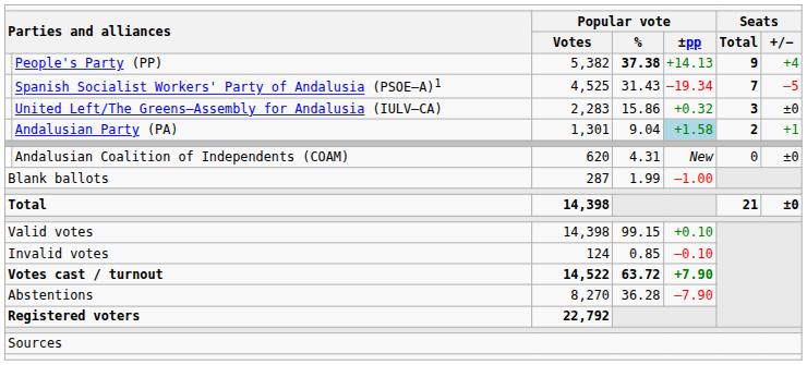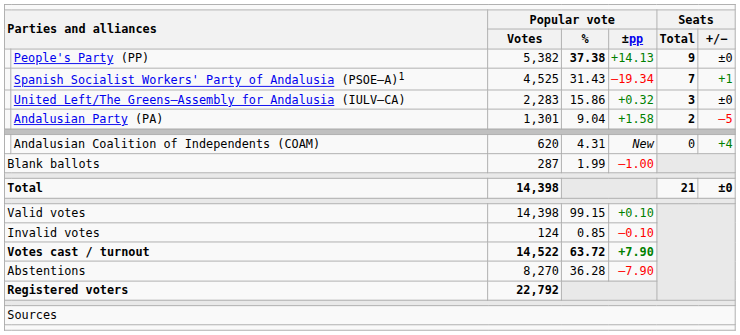 <table class="wikitable" style="text-align:right;">
 <tr>
 <td colspan="7"></td>
 </tr>
 <tr>
 <th style="text-align:left;" rowspan="2" colspan="2" width="525">Parties and alliances</th>
 <th colspan="3">Popular vote</th>
 <th colspan="2">Seats</th>
 </tr>
 <tr>
 <th width="75">Votes</th>
 <th width="45">%</th>
 <th width="45">±<a href='#'>pp</a></th>
 <th width="35">Total</th>
 <th width="35">+/−</th>
 </tr>
 <tr>
 <td width="1" style="color:inherit;background:"></td>
 <td align="left"><a href='#'>People's Party</a> (PP)</td>
 <td>5,382</td>
 <td><strong>37.38</strong></td>
 <td style="color:green;">+14.13</td>
 <td><strong>9</strong></td>
-<td style="color:green;">+4</td>
+<td>±0</td>
 </tr>
 <tr>
 <td style="color:inherit;background:"></td>
 <td align="left"><a href='#'>Spanish Socialist Workers' Party of Andalusia</a> (PSOE–A)<sup>1</sup></td>
 <td>4,525</td>
 <td>31.43</td>
 <td style="color:red;">–19.34</td>
 <td><strong>7</strong></td>
-<td style="color:red;">–5</td>
+<td style="color:green;">+1</td>
 </tr>
 <tr>
 <td style="color:inherit;background:"></td>
 <td align="left"><a href='#'>United Left/The Greens–Assembly for Andalusia</a> (IULV–CA)</td>
 <td>2,283</td>
 <td>15.86</td>
 <td style="color:green;">+0.32</td>
 <td><strong>3</strong></td>
 <td>±0</td>
 </tr>
 <tr>
 <td style="color:inherit;background:"></td>
 <td align="left"><a href='#'>Andalusian Party</a> (PA)</td>
 <td>1,301</td>
 <td>9.04</td>
-<td style="background: lightblue; color:green;">+1.58</td>
+<td style="color:green;">+1.58</td>
 <td><strong>2</strong></td>
-<td style="color:green;">+1</td>
+<td style="color:red;">–5</td>
 </tr>
 <tr>
 <td colspan="7" bgcolor="#C0C0C0"></td>
 </tr>
 <tr>
 <td bgcolor="white"></td>
 <td align="left">Andalusian Coalition of Independents (COAM)</td>
 <td>620</td>
 <td>4.31</td>
 <td><em>New</em></td>
 <td>0</td>
-<td>±0</td>
+<td style="color:green;">+4</td>
 </tr>
 <tr>
 <td align="left" colspan="2">Blank ballots</td>
 <td>287</td>
 <td>1.99</td>
 <td style="color:red;">–1.00</td>
 <td bgcolor="#E9E9E9" colspan="2"></td>
 </tr>
 <tr>
 <td colspan="7" bgcolor="#E9E9E9"></td>
 </tr>
 <tr style="font-weight:bold;">
 <td align="left" colspan="2">Total</td>
 <td>14,398</td>
 <td bgcolor="#E9E9E9" colspan="2"></td>
 <td>21</td>
 <td>±0</td>
 </tr>
 <tr>
 <td colspan="7" bgcolor="#E9E9E9"></td>
 </tr>
 <tr>
 <td align="left" colspan="2">Valid votes</td>
 <td>14,398</td>
 <td>99.15</td>
 <td style="color:green;">+0.10</td>
 <td bgcolor="#E9E9E9" colspan="2" rowspan="5"></td>
 </tr>
 <tr>
 <td align="left" colspan="2">Invalid votes</td>
 <td>124</td>
 <td>0.85</td>
 <td style="color:red;">–0.10</td>
 </tr>
 <tr style="font-weight:bold;">
 <td align="left" colspan="2">Votes cast / turnout</td>
 <td>14,522</td>
 <td>63.72</td>
 <td style="color:green;">+7.90</td>
 </tr>
 <tr>
 <td align="left" colspan="2">Abstentions</td>
 <td>8,270</td>
 <td>36.28</td>
 <td style="color:red;">–7.90</td>
 </tr>
 <tr style="font-weight:bold;">
 <td align="left" colspan="2">Registered voters</td>
 <td>22,792</td>
 <td bgcolor="#E9E9E9" colspan="2"></td>
 </tr>
 <tr>
 <td colspan="7" bgcolor="#E9E9E9"></td>
 </tr>
 <tr>
 <td align="left" colspan="7">Sources</td>
 </tr>
 <tr>
 <td colspan="7" style="text-align:left; max-width:790px;"></td>
 </tr>
 </table>
